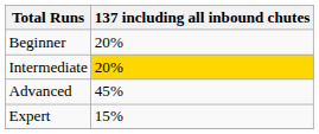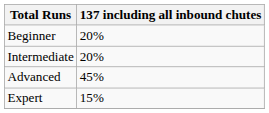 <table class="wikitable" border="1">
 <tr>
 <th>Total Runs</th>
 <th>137 including all inbound chutes</th>
 </tr>
 <tr>
 <td>Beginner</td>
 <td>20%</td>
 </tr>
 <tr>
 <td>Intermediate</td>
-<td style="background: gold;">20%</td>
+<td>20%</td>
 </tr>
 <tr>
 <td>Advanced</td>
 <td>45%</td>
 </tr>
 <tr>
 <td>Expert</td>
 <td>15%</td>
 </tr>
 <tr>
 </tr>
 </table>
